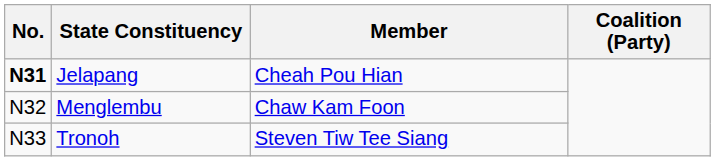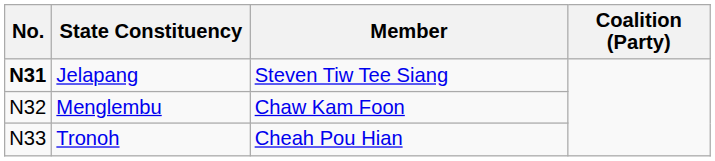 <table class="wikitable">
 <tr>
 <th width="30">No.</th>
 <th width="150">State Constituency</th>
 <th width="245">Member</th>
 <th width="105">Coalition (Party)</th>
 </tr>
 <tr>
 <td><strong>N31</strong></td>
 <td><a href='#'>Jelapang</a></td>
-<td><a href='#'>Cheah Pou Hian</a></td>
+<td><a href='#'>Steven Tiw Tee Siang</a></td>
 <td rowspan="3"></td>
 </tr>
 <tr>
 <td>N32</td>
 <td><a href='#'>Menglembu</a></td>
 <td><a href='#'>Chaw Kam Foon</a></td>
 </tr>
 <tr>
 <td>N33</td>
 <td><a href='#'>Tronoh</a></td>
-<td><a href='#'>Steven Tiw Tee Siang</a></td>
+<td><a href='#'>Cheah Pou Hian</a></td>
 </tr>
 </table>
